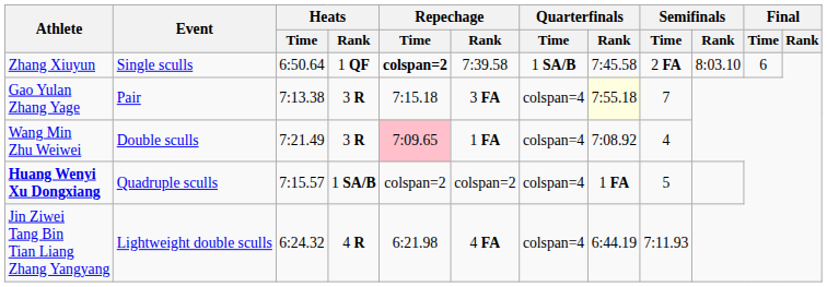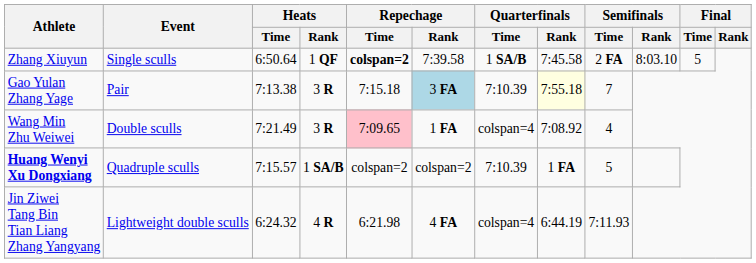 <table class="wikitable" style="font-size:90%">
 <tr>
 <th rowspan="2">Athlete</th>
 <th rowspan="2">Event</th>
 <th colspan="2">Heats</th>
 <th colspan="2">Repechage</th>
 <th colspan=2>Quarterfinals</th>
 <th colspan="2">Semifinals</th>
 <th colspan="2">Final</th>
 </tr>
 <tr style="font-size:95%">
 <th>Time</th>
 <th>Rank</th>
 <th>Time</th>
 <th>Rank</th>
 <th>Time</th>
 <th>Rank</th>
 <th>Time</th>
 <th>Rank</th>
 <th>Time</th>
 <th>Rank</th>
 </tr>
 <tr align=center>
 <td align=left><a href='#'>Zhang Xiuyun</a></td>
 <td align=left><a href='#'>Single sculls</a></td>
 <td>6:50.64</td>
 <td>1 <strong>QF</strong></td>
 <td><strong>colspan=2 </strong></td>
 <td>7:39.58</td>
 <td>1 <strong>SA/B</strong></td>
 <td>7:45.58</td>
 <td>2 <strong>FA</strong></td>
 <td>8:03.10</td>
-<td>6</td>
+<td>5</td>
 </tr>
 <tr align=center>
 <td align=left><a href='#'>Gao Yulan</a><br><a href='#'>Zhang Yage</a></td>
 <td align=left><a href='#'>Pair</a></td>
 <td>7:13.38</td>
 <td>3 <strong>R</strong></td>
 <td>7:15.18</td>
-<td>3 <strong>FA</strong></td>
-<td>colspan=4 </td>
+<td style="background: lightblue;">3 <strong>FA</strong></td>
+<td>7:10.39</td>
 <td style="background: lightyellow;">7:55.18</td>
 <td>7</td>
 </tr>
 <tr align=center>
 <td align=left><a href='#'>Wang Min</a><br><a href='#'>Zhu Weiwei</a></td>
 <td align=left><a href='#'>Double sculls</a></td>
 <td>7:21.49</td>
 <td>3 <strong>R</strong></td>
 <td style="background: pink;">7:09.65</td>
 <td>1 <strong>FA</strong></td>
 <td>colspan=4 </td>
 <td>7:08.92</td>
 <td>4</td>
 </tr>
 <tr align=center>
 <td align=left><strong><a href='#'>Huang Wenyi</a><br><a href='#'>Xu Dongxiang</a></strong></td>
 <td align=left><a href='#'>Quadruple sculls</a></td>
 <td>7:15.57</td>
 <td>1 <strong>SA/B</strong></td>
 <td>colspan=2 </td>
 <td>colspan=2 </td>
-<td>colspan=4 </td>
+<td>7:10.39</td>
 <td>1 <strong>FA</strong></td>
 <td>5</td>
 <td></td>
 </tr>
 <tr align=center>
 <td align=left><a href='#'>Jin Ziwei</a><br><a href='#'>Tang Bin</a><br><a href='#'>Tian Liang</a><br><a href='#'>Zhang Yangyang</a></td>
 <td align=left><a href='#'>Lightweight double sculls</a></td>
 <td>6:24.32</td>
 <td>4 <strong>R</strong></td>
 <td>6:21.98</td>
 <td>4 <strong>FA</strong></td>
 <td>colspan=4 </td>
 <td>6:44.19</td>
 <td>7:11.93</td>
 </tr>
 </table>
